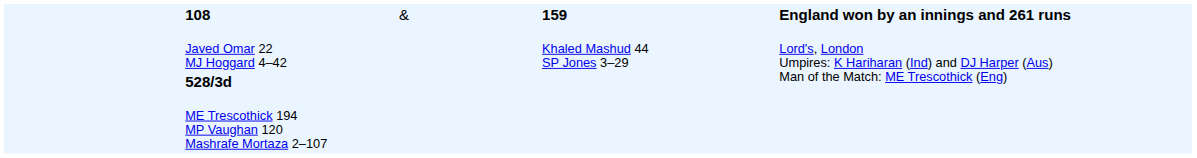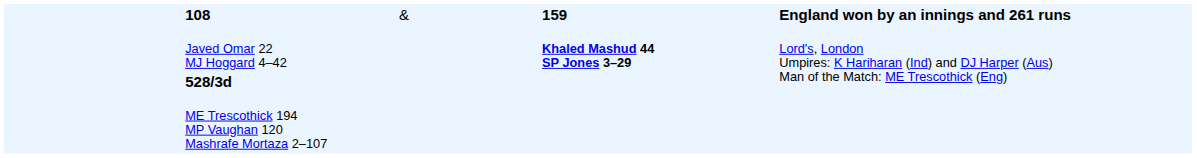 <table width="100%" style="background: #EBF5FF">
 <tr>
 <td width="15%" valign="top" rowspan="2"><strong></strong></td>
 <td width="18%"><strong>108</strong></td>
 <td width="12%">&</td>
 <td width="20%"><strong>159</strong></td>
 <td width="35%"><strong>England won by an innings and 261 runs</strong></td>
 </tr>
 <tr>
 <td style="font-size: 85%;"><br><a href='#'>Javed Omar</a> 22<br> <a href='#'>MJ Hoggard</a> 4–42</td>
 <td></td>
-<td style="font-size: 85%;"><br><a href='#'>Khaled Mashud</a> 44  <br><a href='#'>SP Jones</a> 3–29</td>
+<td style="font-size: 85%;"><strong><br><a href='#'>Khaled Mashud</a> 44  <br><a href='#'>SP Jones</a> 3–29</strong></td>
 <td valign="top" style="font-size: 85%;" rowspan="3"><br><a href='#'>Lord's</a>, <a href='#'>London</a><br> Umpires: <a href='#'>K Hariharan</a> (<a href='#'>Ind</a>) and <a href='#'>DJ Harper</a> (<a href='#'>Aus</a>)<br> Man of the Match: <a href='#'>ME Trescothick</a> (<a href='#'>Eng</a>)</td>
 </tr>
 <tr>
 <td valign="top" rowspan="2"><strong></strong></td>
 <td><strong>528/3d</strong></td>
 </tr>
 <tr>
 <td style="font-size: 85%;"><br><a href='#'>ME Trescothick</a> 194<br> <a href='#'>MP Vaughan</a> 120<br> <a href='#'>Mashrafe Mortaza</a> 2–107</td>
 <td></td>
 <td valign="top" style="font-size: 85%;"></td>
 </tr>
 </table>
